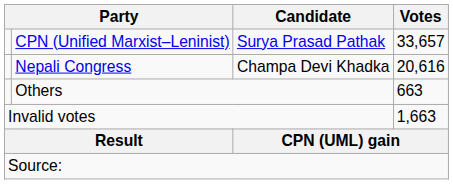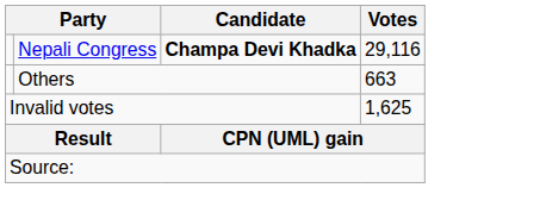 <table class="wikitable">
 <tr>
 <th colspan="2">Party</th>
 <th>Candidate</th>
 <th>Votes</th>
 </tr>
 <tr>
 <td style="background-color:"></td>
-<td><a href='#'>CPN (Unified Marxist–Leninist)</a></td>
-<td><a href='#'>Surya Prasad Pathak</a></td>
-<td>33,657</td>
-</tr>
-<tr>
-<td style="background-color:"></td>
 <td><a href='#'>Nepali Congress</a></td>
-<td>Champa Devi Khadka</td>
-<td>20,616</td>
+<td><strong>Champa Devi Khadka</strong></td>
+<td>29,116</td>
 </tr>
 <tr>
 <td></td>
 <td colspan="2">Others</td>
 <td>663</td>
 </tr>
 <tr>
 <td colspan="3">Invalid votes</td>
-<td>1,663</td>
+<td>1,625</td>
 </tr>
 <tr>
 <th colspan="2">Result</th>
 <th colspan="2">CPN (UML) gain</th>
 </tr>
 <tr>
 <td colspan="4">Source: </td>
 </tr>
 </table>
